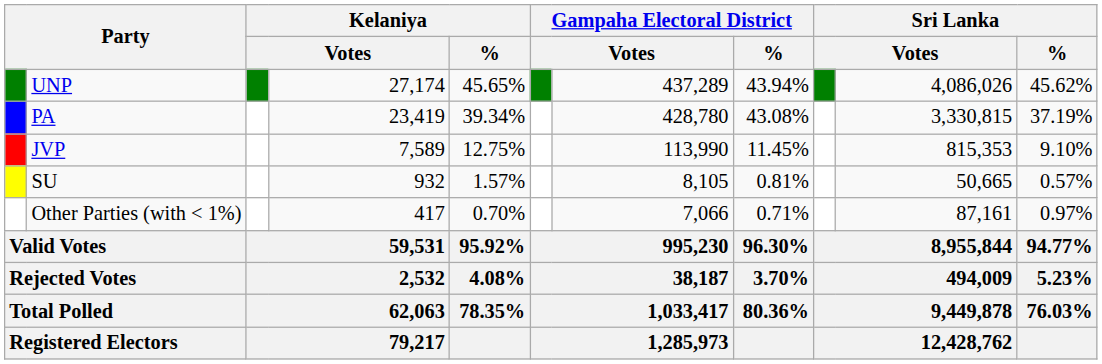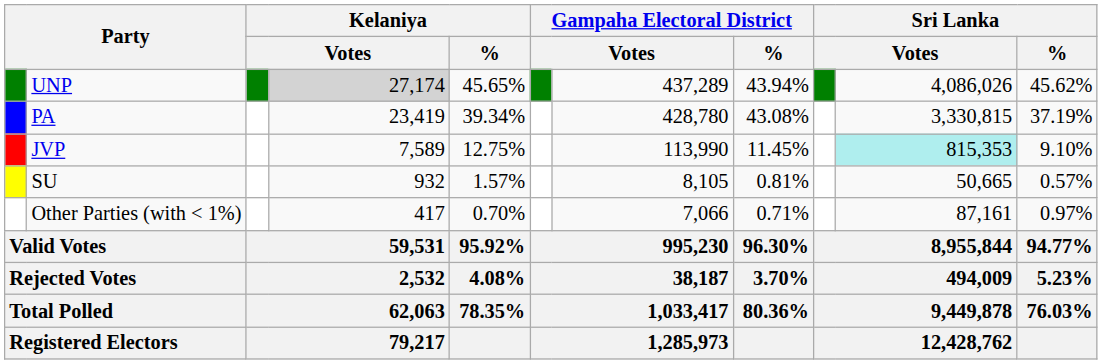 <table class="wikitable">
 <tr>
 <th colspan="2" width="144px"rowspan="2">Party</th>
 <th colspan="3" width="216px">Kelaniya</th>
 <th colspan="3" width="216px"><a href='#'>Gampaha Electoral District</a></th>
 <th colspan="3" width="216px">Sri Lanka</th>
 </tr>
 <tr>
 <th colspan="2" width="144px">Votes</th>
 <th>%</th>
 <th colspan="2" width="144px">Votes</th>
 <th>%</th>
 <th colspan="2" width="144px">Votes</th>
 <th>%</th>
 </tr>
 <tr>
 <td style="background-color:green;" width="10px"></td>
 <td style="text-align:left;"><a href='#'>UNP</a></td>
 <td style="background-color:green;" width="10px"></td>
-<td style="text-align:right;">27,174</td>
+<td style="background: lightgrey; text-align:right;">27,174</td>
 <td style="text-align:right;">45.65%</td>
 <td style="background-color:green;" width="10px"></td>
 <td style="text-align:right;">437,289</td>
 <td style="text-align:right;">43.94%</td>
 <td style="background-color:green;" width="10px"></td>
 <td style="text-align:right;">4,086,026</td>
 <td style="text-align:right;">45.62%</td>
 </tr>
 <tr>
 <td style="background-color:blue;" width="10px"></td>
 <td style="text-align:left;"><a href='#'>PA</a></td>
 <td style="background-color:white;" width="10px"></td>
 <td style="text-align:right;">23,419</td>
 <td style="text-align:right;">39.34%</td>
 <td style="background-color:white;" width="10px"></td>
 <td style="text-align:right;">428,780</td>
 <td style="text-align:right;">43.08%</td>
 <td style="background-color:white;" width="10px"></td>
 <td style="text-align:right;">3,330,815</td>
 <td style="text-align:right;">37.19%</td>
 </tr>
 <tr>
 <td style="background-color:red;" width="10px"></td>
 <td style="text-align:left;"><a href='#'>JVP</a></td>
 <td style="background-color:white;" width="10px"></td>
 <td style="text-align:right;">7,589</td>
 <td style="text-align:right;">12.75%</td>
 <td style="background-color:white;" width="10px"></td>
 <td style="text-align:right;">113,990</td>
 <td style="text-align:right;">11.45%</td>
 <td style="background-color:white;" width="10px"></td>
-<td style="text-align:right;">815,353</td>
+<td style="background: paleturquoise; text-align:right;">815,353</td>
 <td style="text-align:right;">9.10%</td>
 </tr>
 <tr>
 <td style="background-color:yellow;" width="10px"></td>
 <td style="text-align:left;">SU</td>
 <td style="background-color:white;" width="10px"></td>
 <td style="text-align:right;">932</td>
 <td style="text-align:right;">1.57%</td>
 <td style="background-color:white;" width="10px"></td>
 <td style="text-align:right;">8,105</td>
 <td style="text-align:right;">0.81%</td>
 <td style="background-color:white;" width="10px"></td>
 <td style="text-align:right;">50,665</td>
 <td style="text-align:right;">0.57%</td>
 </tr>
 <tr>
 <td style="background-color:white;" width="10px"></td>
 <td style="text-align:left;">Other Parties (with < 1%)</td>
 <td style="background-color:white;" width="10px"></td>
 <td style="text-align:right;">417</td>
 <td style="text-align:right;">0.70%</td>
 <td style="background-color:white;" width="10px"></td>
 <td style="text-align:right;">7,066</td>
 <td style="text-align:right;">0.71%</td>
 <td style="background-color:white;" width="10px"></td>
 <td style="text-align:right;">87,161</td>
 <td style="text-align:right;">0.97%</td>
 </tr>
 <tr>
 <th colspan="2" width="144px"style="text-align:left;">Valid Votes</th>
 <th style="text-align:right;"colspan="2" width="144px">59,531</th>
 <th style="text-align:right;">95.92%</th>
 <th style="text-align:right;"colspan="2" width="144px">995,230</th>
 <th style="text-align:right;">96.30%</th>
 <th style="text-align:right;"colspan="2" width="144px">8,955,844</th>
 <th style="text-align:right;">94.77%</th>
 </tr>
 <tr>
 <th colspan="2" width="144px"style="text-align:left;">Rejected Votes</th>
 <th style="text-align:right;"colspan="2" width="144px">2,532</th>
 <th style="text-align:right;">4.08%</th>
 <th style="text-align:right;"colspan="2" width="144px">38,187</th>
 <th style="text-align:right;">3.70%</th>
 <th style="text-align:right;"colspan="2" width="144px">494,009</th>
 <th style="text-align:right;">5.23%</th>
 </tr>
 <tr>
 <th colspan="2" width="144px"style="text-align:left;">Total Polled</th>
 <th style="text-align:right;"colspan="2" width="144px">62,063</th>
 <th style="text-align:right;">78.35%</th>
 <th style="text-align:right;"colspan="2" width="144px">1,033,417</th>
 <th style="text-align:right;">80.36%</th>
 <th style="text-align:right;"colspan="2" width="144px">9,449,878</th>
 <th style="text-align:right;">76.03%</th>
 </tr>
 <tr>
 <th colspan="2" width="144px"style="text-align:left;">Registered Electors</th>
 <th style="text-align:right;"colspan="2" width="144px">79,217</th>
 <th></th>
 <th style="text-align:right;"colspan="2" width="144px">1,285,973</th>
 <th></th>
 <th style="text-align:right;"colspan="2" width="144px">12,428,762</th>
 <th></th>
 </tr>
 </table>
